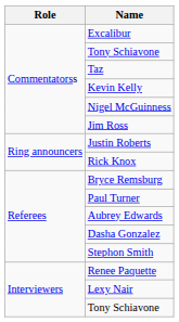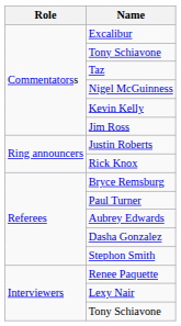 <table class=wikitable style="font-size:90%; margin: 0.5em 0 0.5em 1em; float: right; clear: right;">
 <tr>
 <th>Role</th>
 <th>Name</th>
 </tr>
 <tr>
 <td rowspan=6><a href='#'>Commentators</a>s</td>
 <td><a href='#'>Excalibur</a> </td>
 </tr>
 <tr>
 <td><a href='#'>Tony Schiavone</a> </td>
 </tr>
 <tr>
 <td><a href='#'>Taz</a> </td>
 </tr>
 <tr>
-<td><a href='#'>Kevin Kelly</a> </td>
+<td><a href='#'>Nigel McGuinness</a> </td>
 </tr>
 <tr>
-<td><a href='#'>Nigel McGuinness</a> </td>
+<td><a href='#'>Kevin Kelly</a> </td>
 </tr>
 <tr>
 <td><a href='#'>Jim Ross</a> </td>
 </tr>
 <tr>
 <td rowspan=2><a href='#'>Ring announcers</a></td>
 <td><a href='#'>Justin Roberts</a> </td>
 </tr>
 <tr>
 <td><a href='#'>Rick Knox</a></td>
 </tr>
 <tr>
 <td rowspan=5><a href='#'>Referees</a></td>
 <td><a href='#'>Bryce Remsburg</a></td>
 </tr>
 <tr>
 <td><a href='#'>Paul Turner</a></td>
 </tr>
 <tr>
 <td><a href='#'>Aubrey Edwards</a></td>
 </tr>
 <tr>
 <td><a href='#'>Dasha Gonzalez</a> </td>
 </tr>
 <tr>
 <td><a href='#'>Stephon Smith</a></td>
 </tr>
 <tr>
 <td rowspan=3><a href='#'>Interviewers</a></td>
 <td><a href='#'>Renee Paquette</a></td>
 </tr>
 <tr>
 <td><a href='#'>Lexy Nair</a></td>
 </tr>
 <tr>
 <td>Tony Schiavone</td>
 </tr>
 </table>
